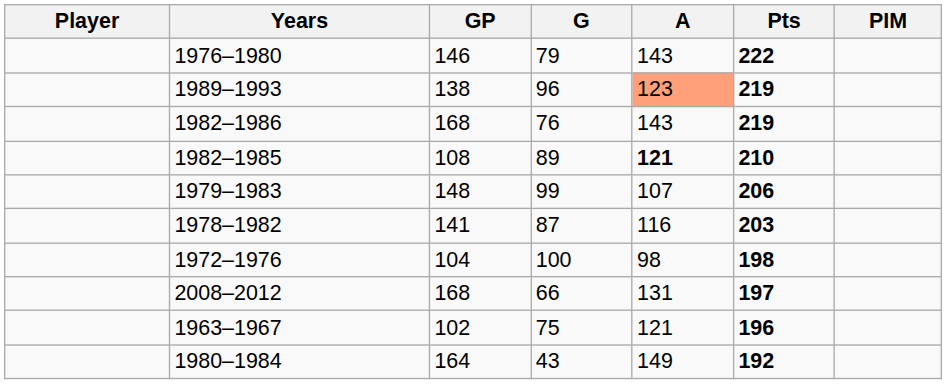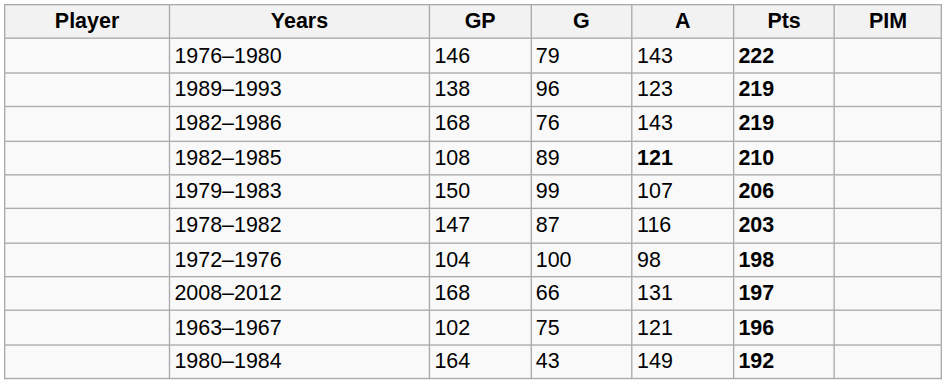 <table class="wikitable sortable" width ="700" cellpadding="1" border="1" cellspacing="0">
 <tr>
 <th>Player</th>
 <th>Years</th>
 <th>GP</th>
 <th>G</th>
 <th>A</th>
 <th>Pts</th>
 <th>PIM</th>
 </tr>
 <tr>
 <td></td>
 <td>1976–1980</td>
 <td>146</td>
 <td>79</td>
 <td>143</td>
 <td><strong>222</strong></td>
 <td></td>
 </tr>
 <tr>
 <td></td>
 <td>1989–1993</td>
 <td>138</td>
 <td>96</td>
-<td style="background: lightsalmon;">123</td>
+<td>123</td>
 <td><strong>219</strong></td>
 <td></td>
 </tr>
 <tr>
 <td></td>
 <td>1982–1986</td>
 <td>168</td>
 <td>76</td>
 <td>143</td>
 <td><strong>219</strong></td>
 <td></td>
 </tr>
 <tr>
 <td></td>
 <td>1982–1985</td>
 <td>108</td>
 <td>89</td>
 <td><strong>121</strong></td>
 <td><strong>210</strong></td>
 <td></td>
 </tr>
 <tr>
 <td></td>
 <td>1979–1983</td>
-<td>148</td>
+<td>150</td>
 <td>99</td>
 <td>107</td>
 <td><strong>206</strong></td>
 <td></td>
 </tr>
 <tr>
 <td></td>
 <td>1978–1982</td>
-<td>141</td>
+<td>147</td>
 <td>87</td>
 <td>116</td>
 <td><strong>203</strong></td>
 <td></td>
 </tr>
 <tr>
 <td></td>
 <td>1972–1976</td>
 <td>104</td>
 <td>100</td>
 <td>98</td>
 <td><strong>198</strong></td>
 <td></td>
 </tr>
 <tr>
 <td></td>
 <td>2008–2012</td>
 <td>168</td>
 <td>66</td>
 <td>131</td>
 <td><strong>197</strong></td>
 <td></td>
 </tr>
 <tr>
 <td></td>
 <td>1963–1967</td>
 <td>102</td>
 <td>75</td>
 <td>121</td>
 <td><strong>196</strong></td>
 <td></td>
 </tr>
 <tr>
 <td></td>
 <td>1980–1984</td>
 <td>164</td>
 <td>43</td>
 <td>149</td>
 <td><strong>192</strong></td>
 <td></td>
 </tr>
 </table>
